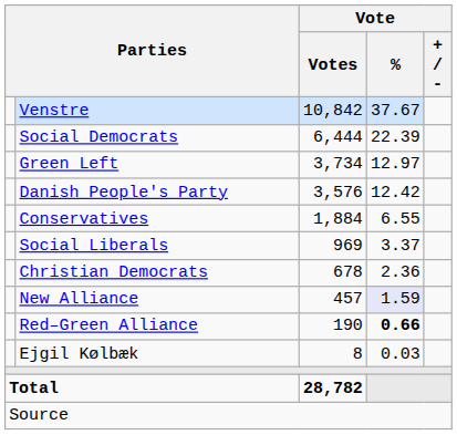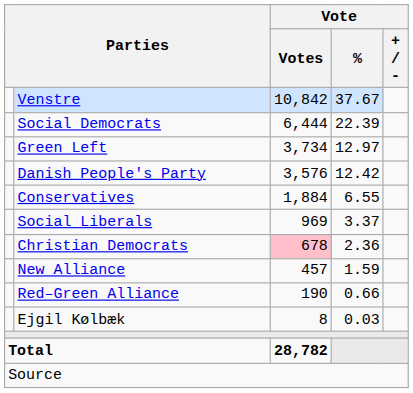 <table class="wikitable" style="text-align:right;">
 <tr>
 <th style="text-align:centre;" rowspan="2" colspan="2" width="225">Parties</th>
 <th colspan="3">Vote</th>
 </tr>
 <tr>
 <th width="15">Votes</th>
 <th width="15">%</th>
 <th width="15">+ / -</th>
 </tr>
 <tr>
 <td width="2" style="color:inherit;background:"></td>
 <td bgcolor=#cfe5fe  align="left"><a href='#'>Venstre</a></td>
 <td bgcolor=#cfe5fe>10,842</td>
 <td bgcolor=#cfe5fe>37.67</td>
 <td></td>
 </tr>
 <tr>
 <td width="2" style="color:inherit;background:"></td>
 <td align="left"><a href='#'>Social Democrats</a></td>
 <td>6,444</td>
 <td>22.39</td>
 <td></td>
 </tr>
 <tr>
 <td width="2" style="color:inherit;background:"></td>
 <td align="left"><a href='#'>Green Left</a></td>
 <td>3,734</td>
 <td>12.97</td>
 <td></td>
 </tr>
 <tr>
 <td width="2" style="color:inherit;background:"></td>
 <td align="left"><a href='#'>Danish People's Party</a></td>
 <td>3,576</td>
 <td>12.42</td>
 <td></td>
 </tr>
 <tr>
 <td width="2" style="color:inherit;background:"></td>
 <td align="left"><a href='#'>Conservatives</a></td>
 <td>1,884</td>
 <td>6.55</td>
 <td></td>
 </tr>
 <tr>
 <td width="2" style="color:inherit;background:"></td>
 <td align="left"><a href='#'>Social Liberals</a></td>
 <td>969</td>
 <td>3.37</td>
 <td></td>
 </tr>
 <tr>
 <td width="2" style="color:inherit;background:"></td>
 <td align="left"><a href='#'>Christian Democrats</a></td>
-<td>678</td>
+<td style="background: pink;">678</td>
 <td>2.36</td>
 <td></td>
 </tr>
 <tr>
 <td width="2" style="color:inherit;background:"></td>
 <td align="left"><a href='#'>New Alliance</a></td>
 <td>457</td>
-<td style="background: lavender;">1.59</td>
+<td>1.59</td>
 <td></td>
 </tr>
 <tr>
 <td width="2" style="color:inherit;background:"></td>
 <td align="left"><a href='#'>Red–Green Alliance</a></td>
 <td>190</td>
-<td><strong>0.66</strong></td>
+<td>0.66</td>
 <td></td>
 </tr>
 <tr>
 <td width="2" style="color:inherit;background:"></td>
 <td align="left">Ejgil Kølbæk</td>
 <td>8</td>
 <td>0.03</td>
 <td></td>
 </tr>
 <tr>
 <td colspan="7" bgcolor="#E9E9E9"></td>
 </tr>
 <tr>
 <td align="left" colspan="2"><strong>Total</strong></td>
 <td><strong>28,782</strong></td>
 <td bgcolor="#E9E9E9" colspan="2"></td>
 </tr>
 <tr>
 <td align="left" colspan="6">Source</td>
 </tr>
 </table>
